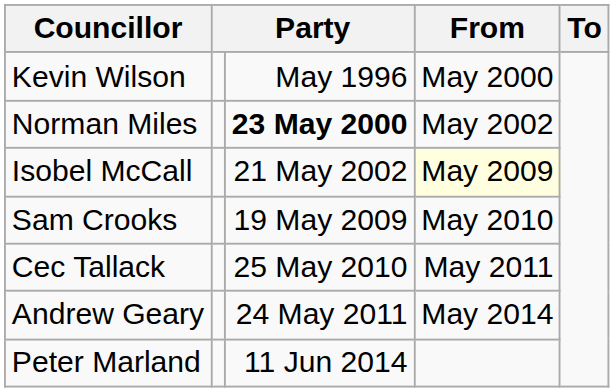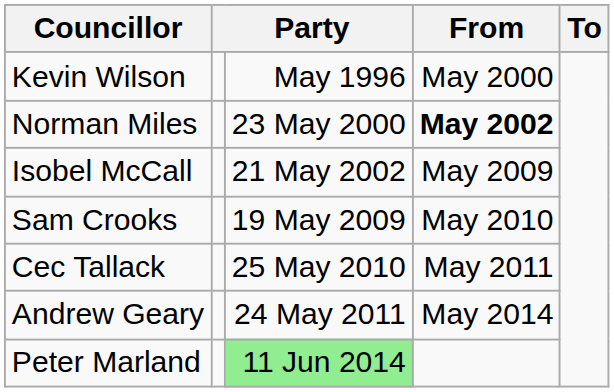 <table class=wikitable>
 <tr>
 <th>Councillor</th>
 <th colspan=2>Party</th>
 <th>From</th>
 <th>To</th>
 </tr>
 <tr>
 <td>Kevin Wilson</td>
 <td></td>
 <td align=right>May 1996</td>
 <td align=right>May 2000</td>
 </tr>
 <tr>
 <td>Norman Miles</td>
 <td></td>
-<td align=right><strong>23 May 2000</strong></td>
-<td align=right>May 2002</td>
+<td align=right>23 May 2000</td>
+<td align=right><strong>May 2002</strong></td>
 </tr>
 <tr>
 <td>Isobel McCall</td>
 <td></td>
 <td align=right>21 May 2002</td>
-<td align=right style="background: lightyellow;">May 2009</td>
+<td align=right>May 2009</td>
 </tr>
 <tr>
 <td>Sam Crooks</td>
 <td></td>
 <td align=right>19 May 2009</td>
 <td align=right>May 2010</td>
 </tr>
 <tr>
 <td>Cec Tallack</td>
 <td></td>
 <td align=right>25 May 2010</td>
 <td align=right>May 2011</td>
 </tr>
 <tr>
 <td>Andrew Geary</td>
 <td></td>
 <td align=right>24 May 2011</td>
 <td align=right>May 2014</td>
 </tr>
 <tr>
 <td>Peter Marland</td>
 <td></td>
-<td align=right>11 Jun 2014</td>
+<td align=right style="background: lightgreen;">11 Jun 2014</td>
 <td></td>
 </tr>
 </table>
